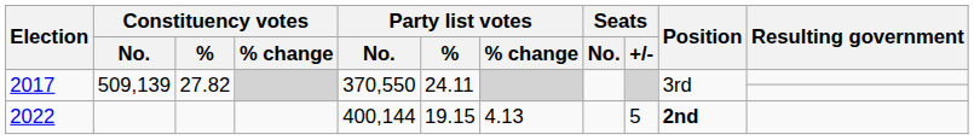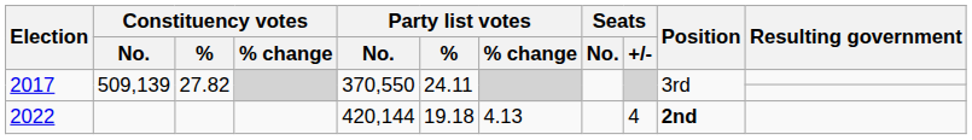 <table class="wikitable">
 <tr>
 <th rowspan="2" style="background-color:">Election</th>
 <th colspan="3" style="background-color:">Constituency votes</th>
 <th colspan="3" style="background-color:">Party list votes</th>
 <th colspan="2" style="background-color:">Seats</th>
 <th rowspan="2" style="background-color:">Position</th>
 <th rowspan="2" style="background-color:">Resulting government</th>
 </tr>
 <tr>
 <th style="background-color:">No.</th>
 <th style="background-color:">%</th>
 <th style="background-color:">% change</th>
 <th style="background-color:">No.</th>
 <th style="background-color:">%</th>
 <th style="background-color:">% change</th>
 <th style="background-color:">No.</th>
 <th style="background-color:">+/-</th>
 </tr>
 <tr>
 <td rowspan="2"><a href='#'>2017</a></td>
 <td rowspan="2">509,139</td>
 <td rowspan="2">27.82</td>
 <td rowspan="2" bgcolor="lightgrey"></td>
 <td rowspan="2">370,550</td>
 <td rowspan="2">24.11</td>
 <td rowspan="2" bgcolor="lightgrey"></td>
 <td rowspan="2"></td>
 <td rowspan="2" bgcolor="lightgrey"></td>
 <td rowspan="2">3rd</td>
 <td></td>
 </tr>
 <tr>
 <td></td>
 </tr>
 <tr>
 <td><a href='#'>2022</a></td>
 <td></td>
 <td></td>
 <td></td>
-<td>400,144</td>
-<td>19.15</td>
+<td>420,144</td>
+<td>19.18</td>
 <td> 4.13</td>
 <td></td>
-<td> 5</td>
+<td> 4</td>
 <td><strong> 2nd</strong></td>
 <td></td>
 </tr>
 </table>
